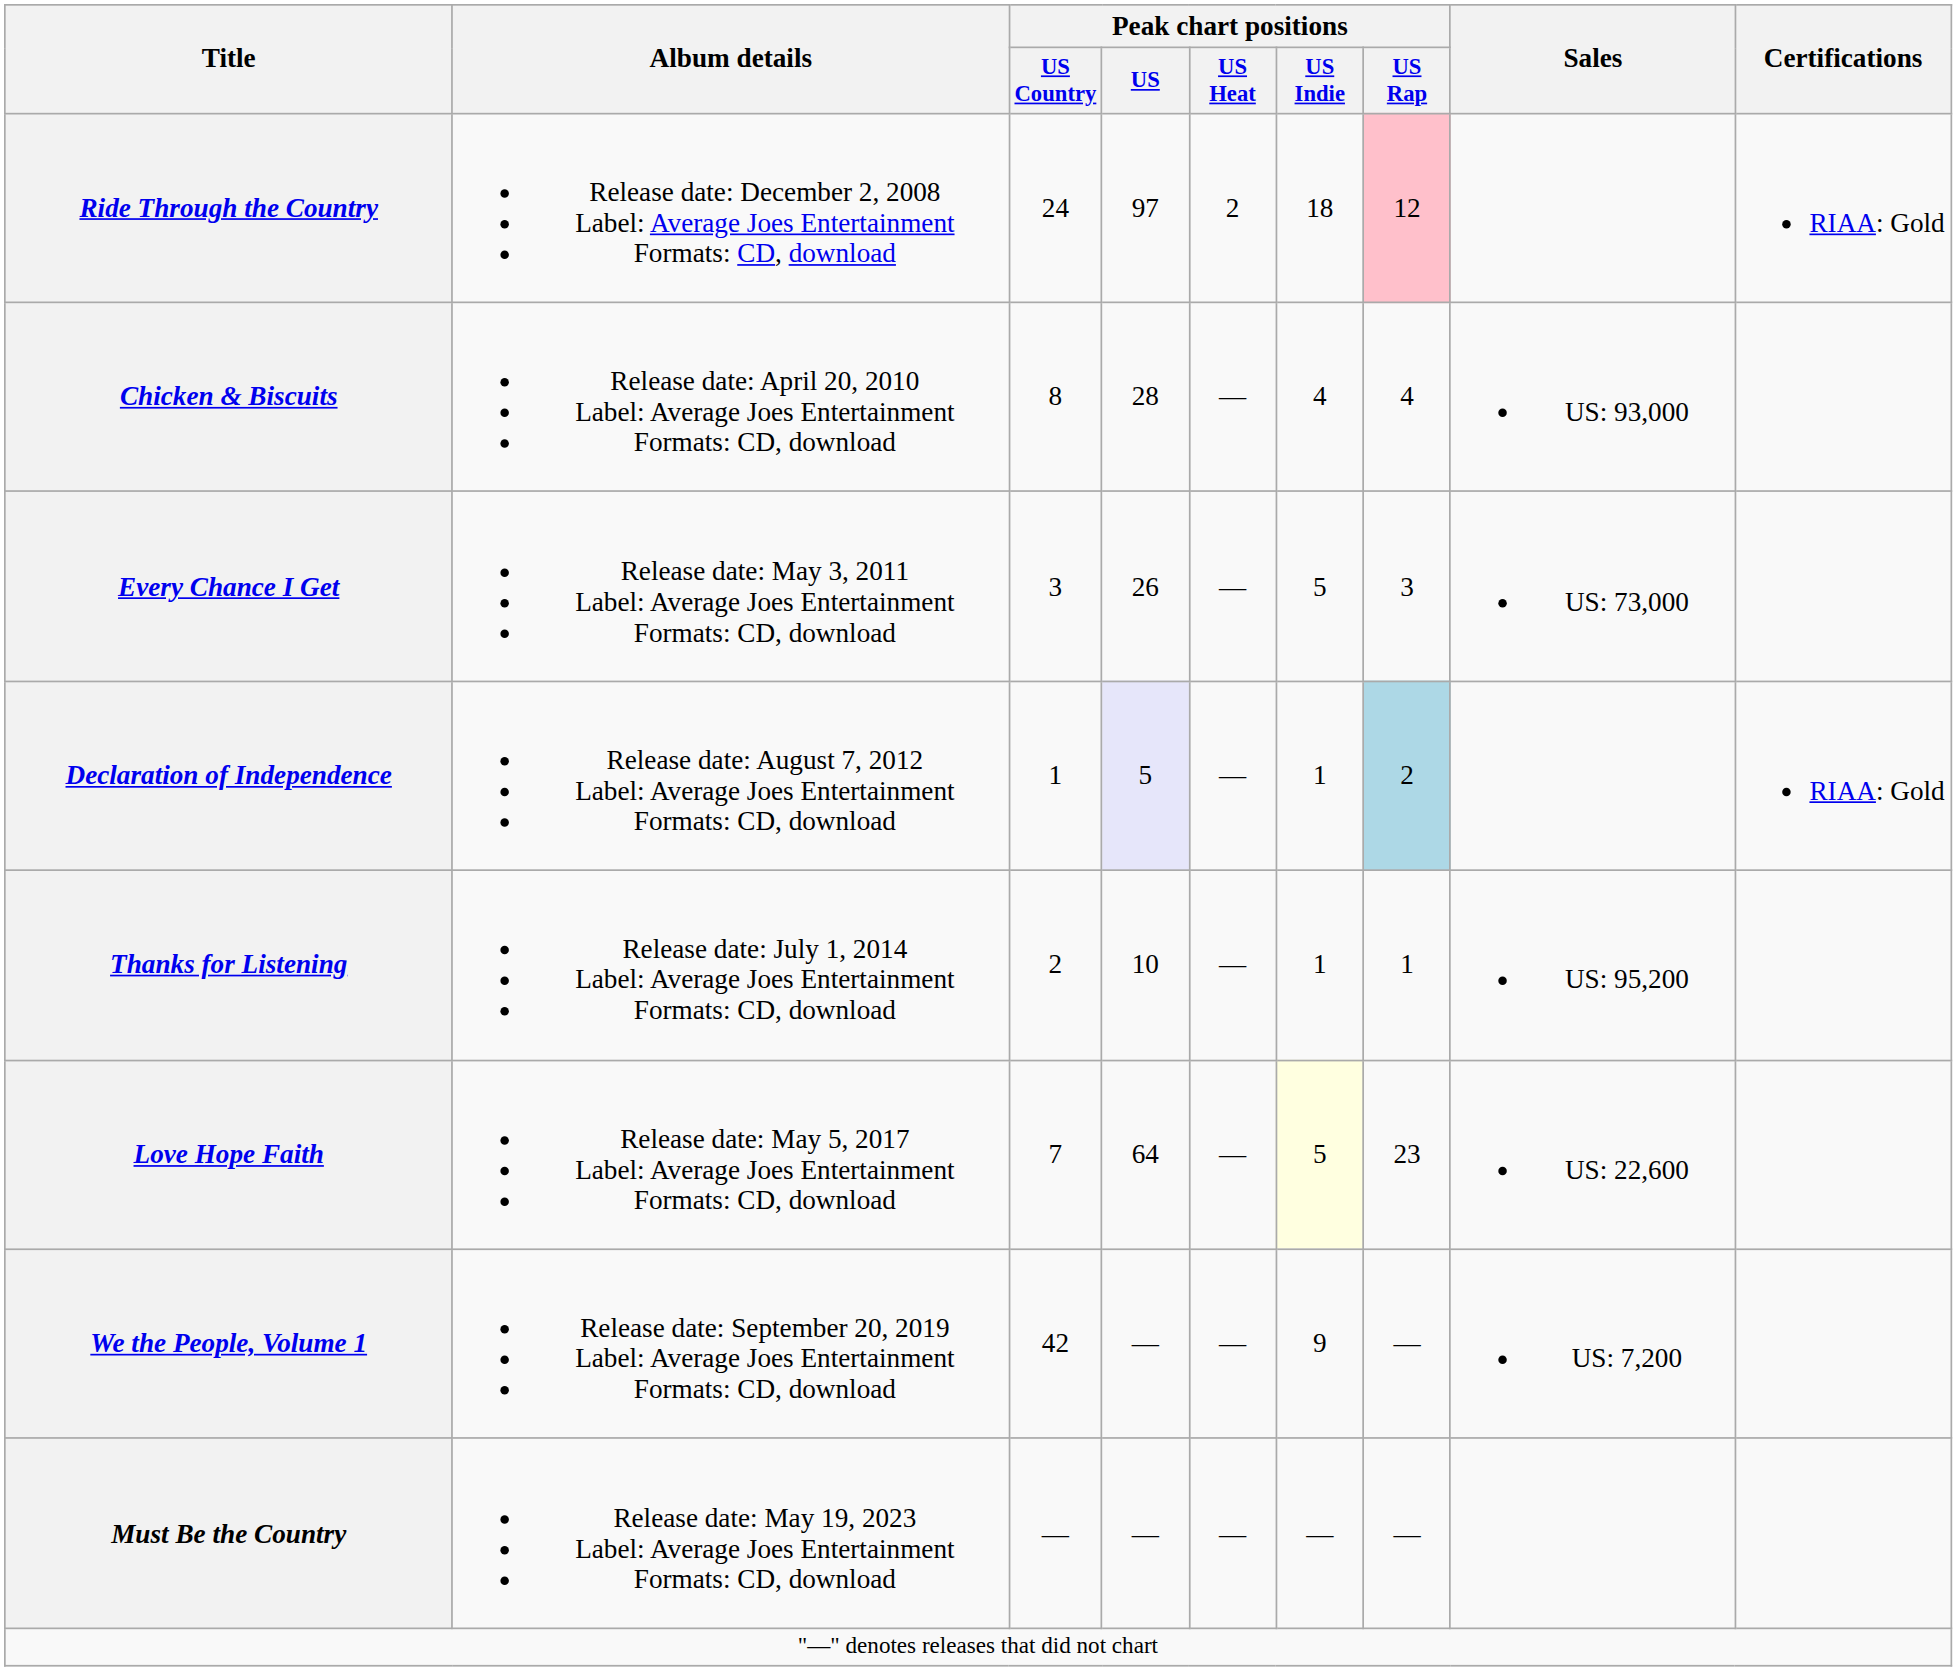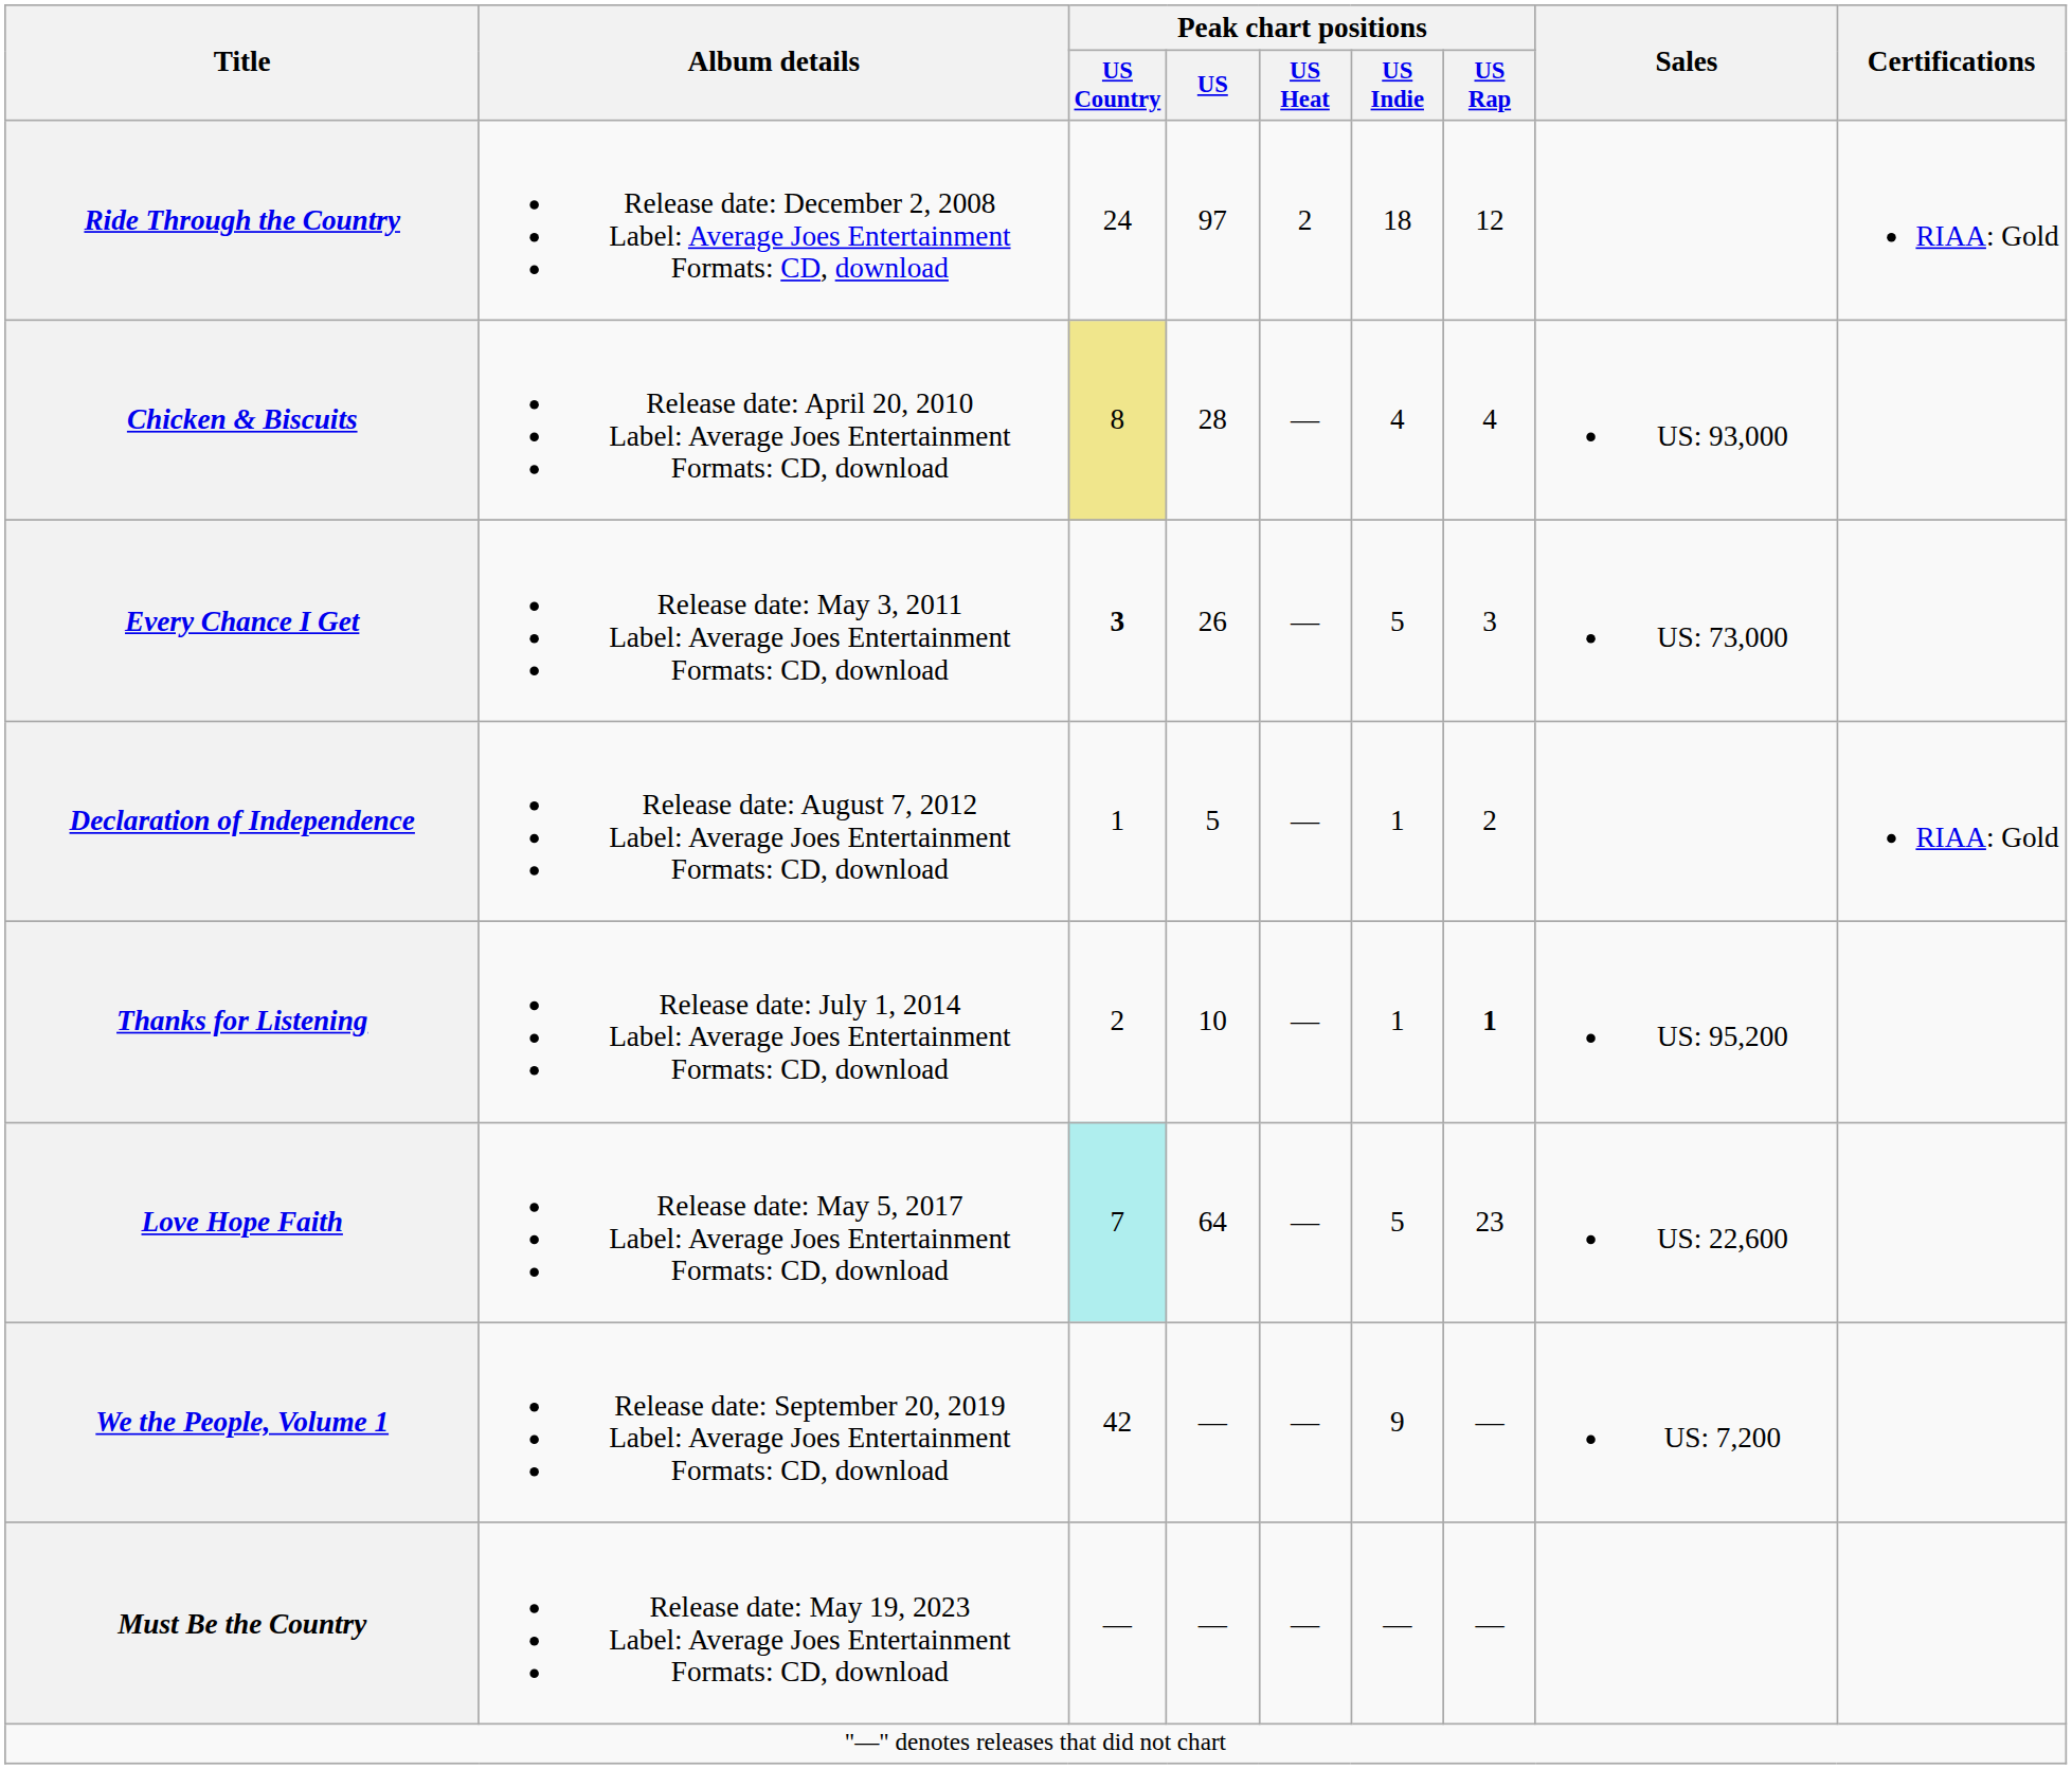 <table class="wikitable plainrowheaders" style="text-align:center;">
 <tr>
 <th rowspan="2" style="width:16em;">Title</th>
 <th rowspan="2" style="width:20em;">Album details</th>
 <th colspan="5">Peak chart positions</th>
 <th rowspan="2" style="width:10em;">Sales</th>
 <th rowspan="2">Certifications</th>
 </tr>
 <tr style="font-size:smaller;">
 <th style="width:45px;"><a href='#'>US Country</a><br></th>
 <th style="width:45px;"><a href='#'>US</a><br></th>
 <th style="width:45px;"><a href='#'>US<br>Heat</a><br></th>
 <th style="width:45px;"><a href='#'>US<br>Indie</a><br></th>
 <th style="width:45px;"><a href='#'>US<br>Rap</a><br></th>
 </tr>
 <tr>
 <th scope="row"><em><a href='#'>Ride Through the Country</a></em></th>
 <td><br><ul><li>Release date: December 2, 2008</li><li>Label: <a href='#'>Average Joes Entertainment</a></li><li>Formats: <a href='#'>CD</a>, <a href='#'>download</a></li></ul></td>
 <td>24</td>
 <td>97</td>
 <td>2</td>
 <td>18</td>
-<td style="background: pink;">12</td>
+<td>12</td>
 <td></td>
 <td><br><ul><li><a href='#'>RIAA</a>: Gold</li></ul></td>
 </tr>
 <tr>
 <th scope="row"><em><a href='#'>Chicken & Biscuits</a></em></th>
 <td><br><ul><li>Release date: April 20, 2010</li><li>Label: Average Joes Entertainment</li><li>Formats: CD, download</li></ul></td>
-<td>8</td>
+<td style="background: khaki;">8</td>
 <td>28</td>
 <td>—</td>
 <td>4</td>
 <td>4</td>
 <td><br><ul><li>US: 93,000</li></ul></td>
 <td></td>
 </tr>
 <tr>
 <th scope="row"><em><a href='#'>Every Chance I Get</a></em></th>
 <td><br><ul><li>Release date: May 3, 2011</li><li>Label: Average Joes Entertainment</li><li>Formats: CD, download</li></ul></td>
-<td>3</td>
+<td><strong>3</strong></td>
 <td>26</td>
 <td>—</td>
 <td>5</td>
 <td>3</td>
 <td><br><ul><li>US: 73,000</li></ul></td>
 <td></td>
 </tr>
 <tr>
 <th scope="row"><em><a href='#'>Declaration of Independence</a></em></th>
 <td><br><ul><li>Release date: August 7, 2012</li><li>Label: Average Joes Entertainment</li><li>Formats: CD, download</li></ul></td>
 <td>1</td>
-<td style="background: lavender;">5</td>
+<td>5</td>
 <td>—</td>
 <td>1</td>
-<td style="background: lightblue;">2</td>
+<td>2</td>
 <td></td>
 <td><br><ul><li><a href='#'>RIAA</a>: Gold</li></ul></td>
 </tr>
 <tr>
 <th scope="row"><em><a href='#'>Thanks for Listening</a></em></th>
 <td><br><ul><li>Release date: July 1, 2014</li><li>Label: Average Joes Entertainment</li><li>Formats: CD, download</li></ul></td>
 <td>2</td>
 <td>10</td>
 <td>—</td>
 <td>1</td>
-<td>1</td>
+<td><strong>1</strong></td>
 <td><br><ul><li>US: 95,200</li></ul></td>
 <td></td>
 </tr>
 <tr>
 <th scope="row"><em><a href='#'>Love Hope Faith</a></em></th>
 <td><br><ul><li>Release date: May 5, 2017</li><li>Label: Average Joes Entertainment</li><li>Formats: CD, download</li></ul></td>
-<td>7</td>
+<td style="background: paleturquoise;">7</td>
 <td>64</td>
 <td>—</td>
-<td style="background: lightyellow;">5</td>
+<td>5</td>
 <td>23</td>
 <td><br><ul><li>US: 22,600</li></ul></td>
 <td></td>
 </tr>
 <tr>
 <th scope="row"><em><a href='#'>We the People, Volume 1</a></em></th>
 <td><br><ul><li>Release date: September 20, 2019</li><li>Label: Average Joes Entertainment</li><li>Formats: CD, download</li></ul></td>
 <td>42</td>
 <td>—</td>
 <td>—</td>
 <td>9</td>
 <td>—</td>
 <td><br><ul><li>US: 7,200</li></ul></td>
 <td></td>
 </tr>
 <tr>
 <th scope="row"><em>Must Be the Country</em></th>
 <td><br><ul><li>Release date: May 19, 2023</li><li>Label: Average Joes Entertainment</li><li>Formats: CD, download</li></ul></td>
 <td>—</td>
 <td>—</td>
 <td>—</td>
 <td>—</td>
 <td>—</td>
 <td></td>
 <td></td>
 </tr>
 <tr>
 <td colspan="10" style="font-size:85%">"—" denotes releases that did not chart</td>
 </tr>
 </table>
